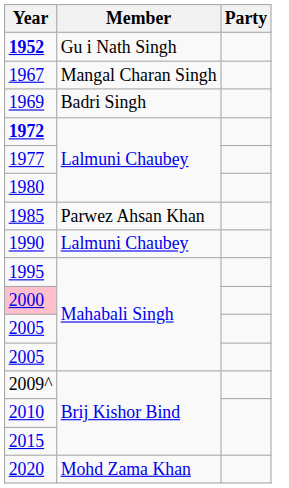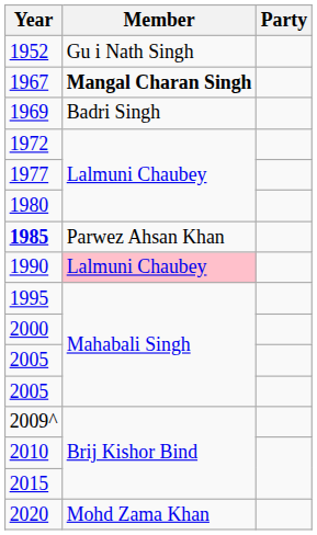 <table class="wikitable sortable">
 <tr>
 <th>Year</th>
 <th>Member</th>
 <th colspan="2">Party</th>
 </tr>
 <tr>
-<td><strong><a href='#'>1952</a></strong></td>
+<td><a href='#'>1952</a></td>
 <td>Gu i Nath Singh</td>
 <td></td>
 </tr>
 <tr>
 <td><a href='#'>1967</a></td>
-<td>Mangal Charan Singh</td>
+<td><strong>Mangal Charan Singh</strong></td>
 </tr>
 <tr>
 <td><a href='#'>1969</a></td>
 <td>Badri Singh</td>
 <td></td>
 </tr>
 <tr>
-<td><strong><a href='#'>1972</a></strong></td>
+<td><a href='#'>1972</a></td>
 <td rowspan="3"><a href='#'>Lalmuni Chaubey</a></td>
 <td></td>
 </tr>
 <tr>
 <td><a href='#'>1977</a></td>
 <td></td>
 </tr>
 <tr>
 <td><a href='#'>1980</a></td>
 <td></td>
 </tr>
 <tr>
-<td><a href='#'>1985</a></td>
+<td><strong><a href='#'>1985</a></strong></td>
 <td>Parwez Ahsan Khan</td>
 <td></td>
 </tr>
 <tr>
 <td><a href='#'>1990</a></td>
-<td><a href='#'>Lalmuni Chaubey</a></td>
+<td style="background: pink;"><a href='#'>Lalmuni Chaubey</a></td>
 <td></td>
 </tr>
 <tr>
 <td><a href='#'>1995</a></td>
 <td rowspan="4"><a href='#'>Mahabali Singh</a></td>
 <td></td>
 </tr>
 <tr>
-<td style="background: pink;"><a href='#'>2000</a></td>
+<td><a href='#'>2000</a></td>
 </tr>
 <tr>
 <td><a href='#'>2005</a></td>
 <td></td>
 </tr>
 <tr>
 <td><a href='#'>2005</a></td>
 </tr>
 <tr>
 <td>2009^</td>
 <td rowspan="3"><a href='#'>Brij Kishor Bind</a></td>
 <td></td>
 </tr>
 <tr>
 <td><a href='#'>2010</a></td>
 </tr>
 <tr>
 <td><a href='#'>2015</a></td>
 </tr>
 <tr>
 <td><a href='#'>2020</a></td>
 <td><a href='#'>Mohd Zama Khan</a></td>
 <td></td>
 </tr>
 </table>
